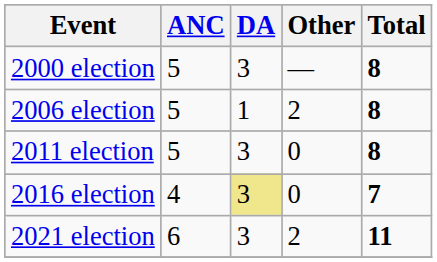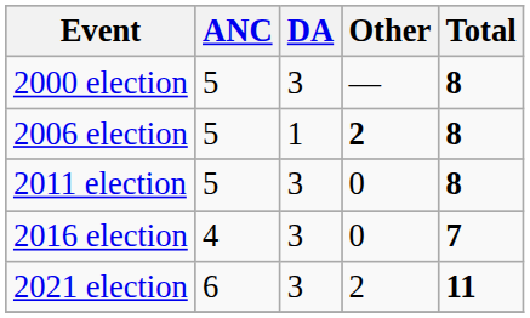 <table class="wikitable">
 <tr>
 <th>Event</th>
 <th><a href='#'>ANC</a></th>
 <th><a href='#'>DA</a></th>
 <th>Other</th>
 <th>Total</th>
 </tr>
 <tr>
 <td><a href='#'>2000 election</a></td>
 <td>5</td>
 <td>3</td>
 <td>—</td>
 <td><strong>8</strong></td>
 </tr>
 <tr>
 <td><a href='#'>2006 election</a></td>
 <td>5</td>
 <td>1</td>
-<td>2</td>
+<td><strong>2</strong></td>
 <td><strong>8</strong></td>
 </tr>
 <tr>
 <td><a href='#'>2011 election</a></td>
 <td>5</td>
 <td>3</td>
 <td>0</td>
 <td><strong>8</strong></td>
 </tr>
 <tr>
 <td><a href='#'>2016 election</a></td>
 <td>4</td>
-<td style="background: khaki;">3</td>
+<td>3</td>
 <td>0</td>
 <td><strong>7</strong></td>
 </tr>
 <tr>
 <td><a href='#'>2021 election</a></td>
 <td>6</td>
 <td>3</td>
 <td>2</td>
 <td><strong>11</strong></td>
 </tr>
 <tr>
 </tr>
 </table>
